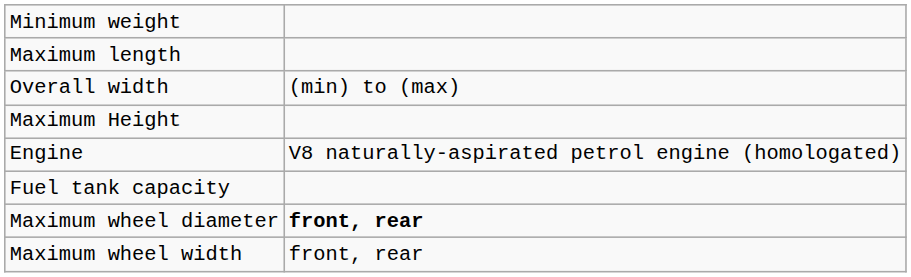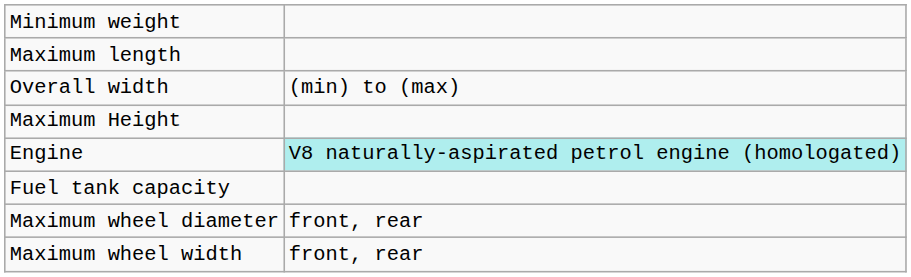 <table class="wikitable">
 <tr>
 <td>Minimum weight</td>
 <td></td>
 </tr>
 <tr>
 <td>Maximum length</td>
 <td></td>
 </tr>
 <tr>
 <td>Overall width</td>
 <td> (min) to  (max)</td>
 </tr>
 <tr>
 <td>Maximum Height</td>
 <td></td>
 </tr>
 <tr>
 <td>Engine</td>
-<td> V8 naturally-aspirated petrol engine (homologated)</td>
+<td style="background: paleturquoise;"> V8 naturally-aspirated petrol engine (homologated)</td>
 </tr>
 <tr>
 <td>Fuel tank capacity</td>
 <td></td>
 </tr>
 <tr>
 <td>Maximum wheel diameter</td>
-<td><strong> front,  rear</strong></td>
+<td> front,  rear</td>
 </tr>
 <tr>
 <td>Maximum wheel width</td>
 <td> front,  rear</td>
 </tr>
 </table>
